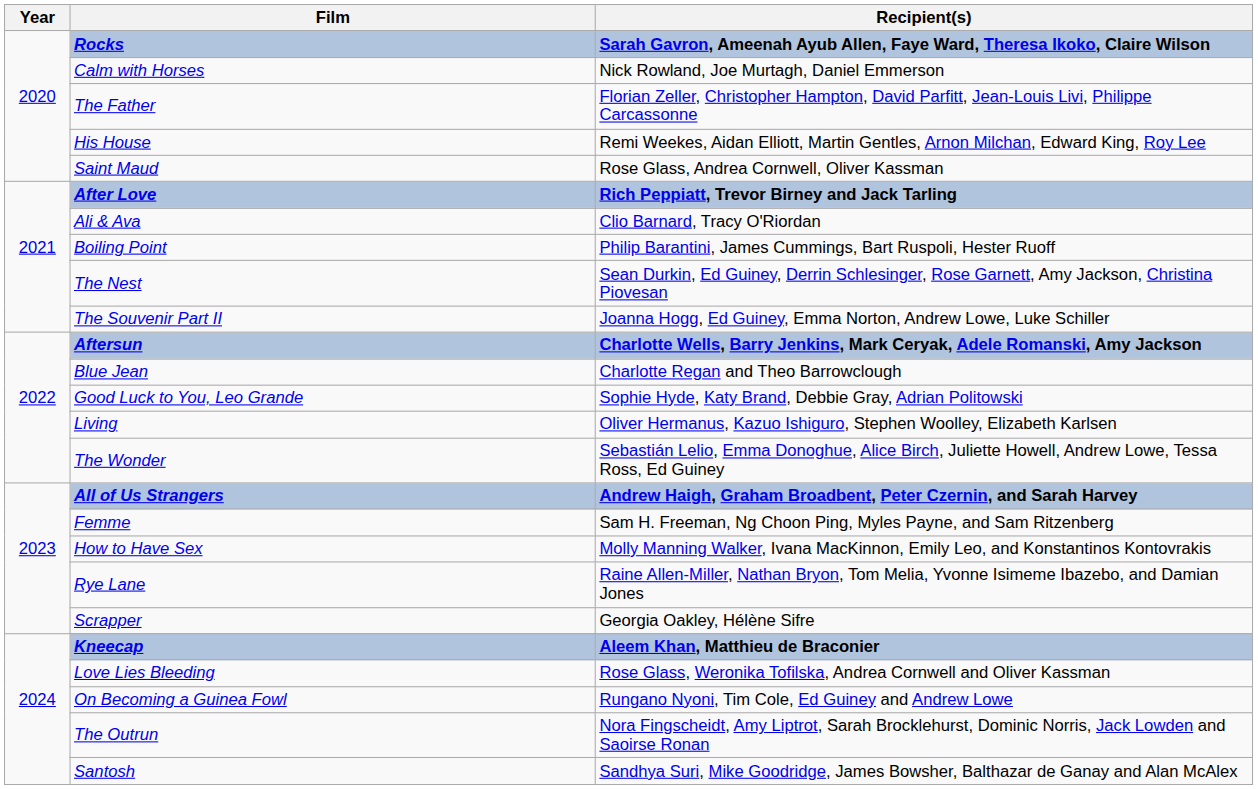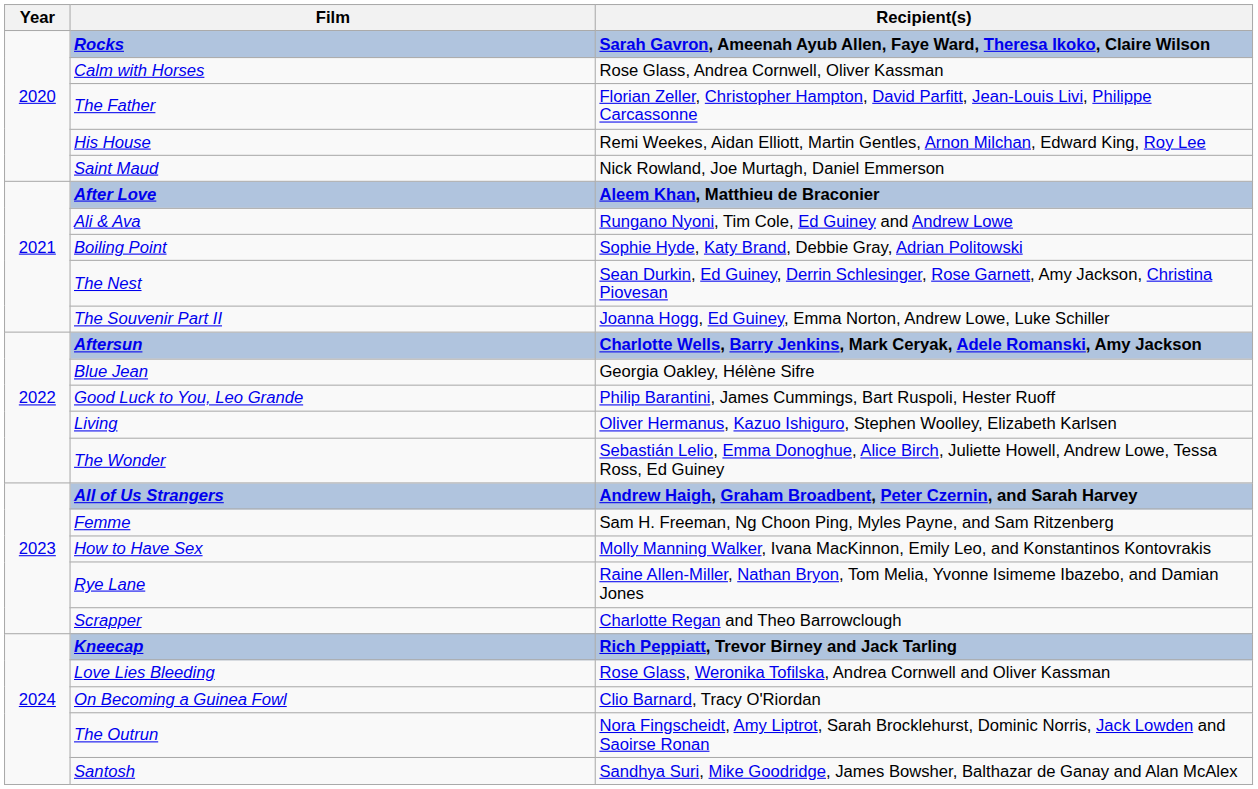 <table class="wikitable" width="95%" cellpadding="5">
 <tr>
 <th width="5%">Year</th>
 <th width="40%">Film</th>
 <th width="50%">Recipient(s)</th>
 </tr>
 <tr>
 <td rowspan="5" style="text-align:center;"><a href='#'>2020</a><br><br></td>
 <td style="background:#B0C4DE"><strong><em><a href='#'>Rocks</a></em></strong></td>
 <td style="background:#B0C4DE"><strong><a href='#'>Sarah Gavron</a>, Ameenah Ayub Allen, Faye Ward, <a href='#'>Theresa Ikoko</a>, Claire Wilson</strong></td>
 </tr>
 <tr>
 <td><em><a href='#'>Calm with Horses</a></em></td>
-<td>Nick Rowland, Joe Murtagh, Daniel Emmerson</td>
+<td>Rose Glass, Andrea Cornwell, Oliver Kassman</td>
 </tr>
 <tr>
 <td><em><a href='#'>The Father</a></em></td>
 <td><a href='#'>Florian Zeller</a>, <a href='#'>Christopher Hampton</a>, <a href='#'>David Parfitt</a>, <a href='#'>Jean-Louis Livi</a>, <a href='#'>Philippe Carcassonne</a></td>
 </tr>
 <tr>
 <td><em><a href='#'>His House</a></em></td>
 <td>Remi Weekes, Aidan Elliott, Martin Gentles, <a href='#'>Arnon Milchan</a>, Edward King, <a href='#'>Roy Lee</a></td>
 </tr>
 <tr>
 <td><em><a href='#'>Saint Maud</a></em></td>
-<td>Rose Glass, Andrea Cornwell, Oliver Kassman</td>
+<td>Nick Rowland, Joe Murtagh, Daniel Emmerson</td>
 </tr>
 <tr>
 <td rowspan="5" style="text-align:center;"><a href='#'>2021</a><br><br></td>
 <td style="background:#B0C4DE"><strong><em><a href='#'>After Love</a></em></strong></td>
-<td style="background:#B0C4DE"><strong><a href='#'>Rich Peppiatt</a>, Trevor Birney and Jack Tarling</strong></td>
+<td style="background:#B0C4DE"><strong><a href='#'>Aleem Khan</a>, Matthieu de Braconier</strong></td>
 </tr>
 <tr>
 <td><em><a href='#'>Ali & Ava</a></em></td>
-<td><a href='#'>Clio Barnard</a>, Tracy O'Riordan</td>
+<td><a href='#'>Rungano Nyoni</a>, Tim Cole, <a href='#'>Ed Guiney</a> and <a href='#'>Andrew Lowe</a></td>
 </tr>
 <tr>
 <td><em><a href='#'>Boiling Point</a></em></td>
-<td><a href='#'>Philip Barantini</a>, James Cummings, Bart Ruspoli, Hester Ruoff</td>
+<td><a href='#'>Sophie Hyde</a>, <a href='#'>Katy Brand</a>, Debbie Gray, <a href='#'>Adrian Politowski</a></td>
 </tr>
 <tr>
 <td><em><a href='#'>The Nest</a></em></td>
 <td><a href='#'>Sean Durkin</a>, <a href='#'>Ed Guiney</a>, <a href='#'>Derrin Schlesinger</a>, <a href='#'>Rose Garnett</a>, Amy Jackson, <a href='#'>Christina Piovesan</a></td>
 </tr>
 <tr>
 <td><em><a href='#'>The Souvenir Part II</a></em></td>
 <td><a href='#'>Joanna Hogg</a>, <a href='#'>Ed Guiney</a>, Emma Norton, Andrew Lowe, Luke Schiller</td>
 </tr>
 <tr>
 <td rowspan="5" style="text-align:center;"><a href='#'>2022</a><br><br></td>
 <td style="background:#B0C4DE"><strong><em><a href='#'>Aftersun</a></em></strong></td>
 <td style="background:#B0C4DE"><strong><a href='#'>Charlotte Wells</a>, <a href='#'>Barry Jenkins</a>, Mark Ceryak, <a href='#'>Adele Romanski</a>, Amy Jackson</strong></td>
 </tr>
 <tr>
 <td><em><a href='#'>Blue Jean</a></em></td>
-<td><a href='#'>Charlotte Regan</a> and Theo Barrowclough</td>
+<td>Georgia Oakley, Hélène Sifre</td>
 </tr>
 <tr>
 <td><em><a href='#'>Good Luck to You, Leo Grande</a></em></td>
-<td><a href='#'>Sophie Hyde</a>, <a href='#'>Katy Brand</a>, Debbie Gray, <a href='#'>Adrian Politowski</a></td>
+<td><a href='#'>Philip Barantini</a>, James Cummings, Bart Ruspoli, Hester Ruoff</td>
 </tr>
 <tr>
 <td><em><a href='#'>Living</a></em></td>
 <td><a href='#'>Oliver Hermanus</a>, <a href='#'>Kazuo Ishiguro</a>, Stephen Woolley, Elizabeth Karlsen</td>
 </tr>
 <tr>
 <td><em><a href='#'>The Wonder</a></em></td>
 <td><a href='#'>Sebastián Lelio</a>, <a href='#'>Emma Donoghue</a>, <a href='#'>Alice Birch</a>, Juliette Howell, Andrew Lowe, Tessa Ross, Ed Guiney</td>
 </tr>
 <tr>
 <td rowspan="5" style="text-align:center;"><a href='#'>2023</a><br><br></td>
 <td style="background:#B0C4DE"><strong><em><a href='#'>All of Us Strangers</a></em></strong></td>
 <td style="background:#B0C4DE"><strong><a href='#'>Andrew Haigh</a>, <a href='#'>Graham Broadbent</a>, <a href='#'>Peter Czernin</a>, and Sarah Harvey</strong></td>
 </tr>
 <tr>
 <td><em><a href='#'>Femme</a></em></td>
 <td>Sam H. Freeman, Ng Choon Ping, Myles Payne, and Sam Ritzenberg</td>
 </tr>
 <tr>
 <td><em><a href='#'>How to Have Sex</a></em></td>
 <td><a href='#'>Molly Manning Walker</a>, Ivana MacKinnon, Emily Leo, and Konstantinos Kontovrakis</td>
 </tr>
 <tr>
 <td><em><a href='#'>Rye Lane</a></em></td>
 <td><a href='#'>Raine Allen-Miller</a>, <a href='#'>Nathan Bryon</a>, Tom Melia, Yvonne Isimeme Ibazebo, and Damian Jones</td>
 </tr>
 <tr>
 <td><em><a href='#'>Scrapper</a></em></td>
-<td>Georgia Oakley, Hélène Sifre</td>
+<td><a href='#'>Charlotte Regan</a> and Theo Barrowclough</td>
 </tr>
 <tr>
 <td rowspan="5" style="text-align:center;"><a href='#'>2024</a><br><br></td>
 <td style="background:#B0C4DE"><strong><em><a href='#'>Kneecap</a></em></strong></td>
-<td style="background:#B0C4DE"><strong><a href='#'>Aleem Khan</a>, Matthieu de Braconier</strong></td>
+<td style="background:#B0C4DE"><strong><a href='#'>Rich Peppiatt</a>, Trevor Birney and Jack Tarling</strong></td>
 </tr>
 <tr>
 <td><em><a href='#'>Love Lies Bleeding</a></em></td>
 <td><a href='#'>Rose Glass</a>, <a href='#'>Weronika Tofilska</a>, Andrea Cornwell and Oliver Kassman</td>
 </tr>
 <tr>
 <td><em><a href='#'>On Becoming a Guinea Fowl</a></em></td>
-<td><a href='#'>Rungano Nyoni</a>, Tim Cole, <a href='#'>Ed Guiney</a> and <a href='#'>Andrew Lowe</a></td>
+<td><a href='#'>Clio Barnard</a>, Tracy O'Riordan</td>
 </tr>
 <tr>
 <td><em><a href='#'>The Outrun</a></em></td>
 <td><a href='#'>Nora Fingscheidt</a>, <a href='#'>Amy Liptrot</a>, Sarah Brocklehurst, Dominic Norris, <a href='#'>Jack Lowden</a> and <a href='#'>Saoirse Ronan</a></td>
 </tr>
 <tr>
 <td><em><a href='#'>Santosh</a></em></td>
 <td><a href='#'>Sandhya Suri</a>, <a href='#'>Mike Goodridge</a>, James Bowsher, Balthazar de Ganay and Alan McAlex</td>
 </tr>
 <tr>
 </tr>
 </table>
